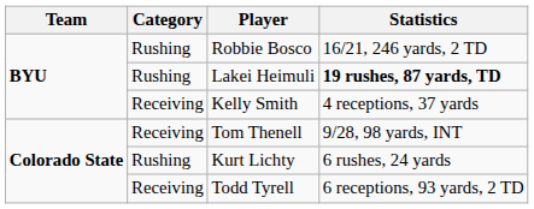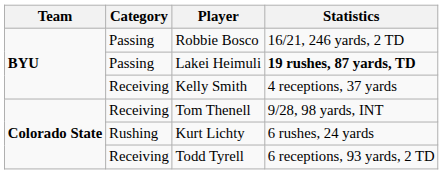 <table class="wikitable" style="float: left;">
 <tr>
 <th>Team</th>
 <th>Category</th>
 <th>Player</th>
 <th>Statistics</th>
 </tr>
 <tr>
 <td rowspan=3><strong>BYU</strong></td>
-<td>Rushing</td>
+<td>Passing</td>
 <td>Robbie Bosco</td>
 <td>16/21, 246 yards, 2 TD</td>
 </tr>
 <tr>
-<td>Rushing</td>
+<td>Passing</td>
 <td>Lakei Heimuli</td>
 <td><strong>19 rushes, 87 yards, TD</strong></td>
 </tr>
 <tr>
 <td>Receiving</td>
 <td>Kelly Smith</td>
 <td>4 receptions, 37 yards</td>
 </tr>
 <tr>
 <td rowspan=3><strong>Colorado State</strong></td>
 <td>Receiving</td>
 <td>Tom Thenell</td>
 <td>9/28, 98 yards, INT</td>
 </tr>
 <tr>
 <td>Rushing</td>
 <td>Kurt Lichty</td>
 <td>6 rushes, 24 yards</td>
 </tr>
 <tr>
 <td>Receiving</td>
 <td>Todd Tyrell</td>
 <td>6 receptions, 93 yards, 2 TD</td>
 </tr>
 </table>
